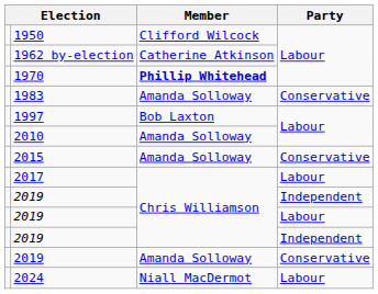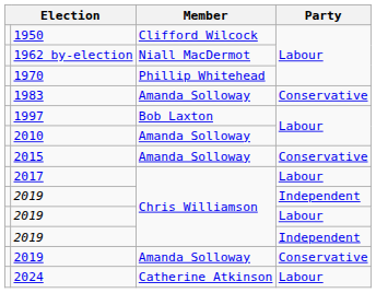 <table class="wikitable">
 <tr>
 <th colspan="2">Election</th>
 <th>Member</th>
 <th>Party</th>
 </tr>
 <tr>
 <td style="color:inherit;background-color: "></td>
 <td><a href='#'>1950</a></td>
 <td><a href='#'>Clifford Wilcock</a></td>
 <td rowspan="3"><a href='#'>Labour</a></td>
 </tr>
 <tr>
 <td style="color:inherit;background-color: "></td>
 <td><a href='#'>1962 by-election</a></td>
-<td><a href='#'>Catherine Atkinson</a></td>
+<td><a href='#'>Niall MacDermot</a></td>
 </tr>
 <tr>
 <td style="color:inherit;background-color: "></td>
 <td><a href='#'>1970</a></td>
-<td><strong><a href='#'>Phillip Whitehead</a></strong></td>
+<td><a href='#'>Phillip Whitehead</a></td>
 </tr>
 <tr>
 <td style="color:inherit;background-color: "></td>
 <td><a href='#'>1983</a></td>
 <td><a href='#'>Amanda Solloway</a></td>
 <td><a href='#'>Conservative</a></td>
 </tr>
 <tr>
 <td style="color:inherit;background-color: "></td>
 <td><a href='#'>1997</a></td>
 <td><a href='#'>Bob Laxton</a></td>
 <td rowspan="2"><a href='#'>Labour</a></td>
 </tr>
 <tr>
 <td style="color:inherit;background-color: "></td>
 <td><a href='#'>2010</a></td>
 <td><a href='#'>Amanda Solloway</a></td>
 </tr>
 <tr>
 <td style="color:inherit;background-color: "></td>
 <td><a href='#'>2015</a></td>
 <td><a href='#'>Amanda Solloway</a></td>
 <td><a href='#'>Conservative</a></td>
 </tr>
 <tr>
 <td style="color:inherit;background-color: "></td>
 <td><a href='#'>2017</a></td>
 <td rowspan="4"><a href='#'>Chris Williamson</a></td>
 <td><a href='#'>Labour</a></td>
 </tr>
 <tr>
 <td style="color:inherit;background-color: "></td>
 <td><em>2019</em></td>
 <td><a href='#'>Independent</a></td>
 </tr>
 <tr>
 <td style="color:inherit;background-color: "></td>
 <td><em>2019</em></td>
 <td><a href='#'>Labour</a></td>
 </tr>
 <tr>
 <td style="color:inherit;background-color: "></td>
 <td><em>2019</em></td>
 <td><a href='#'>Independent</a></td>
 </tr>
 <tr>
 <td style="color:inherit;background-color: "></td>
 <td><a href='#'>2019</a></td>
 <td><a href='#'>Amanda Solloway</a></td>
 <td><a href='#'>Conservative</a></td>
 </tr>
 <tr>
 <td style="color:inherit;background-color: "></td>
 <td><a href='#'>2024</a></td>
-<td><a href='#'>Niall MacDermot</a></td>
+<td><a href='#'>Catherine Atkinson</a></td>
 <td><a href='#'>Labour</a></td>
 </tr>
 </table>
